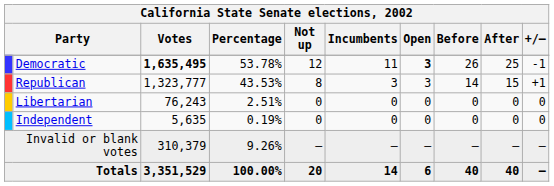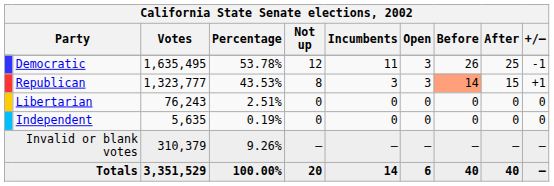 <table class="wikitable" style="font-size:95%;">
 <tr>
 <th colspan="10">California State Senate elections, 2002</th>
 </tr>
 <tr>
 <th colspan=2 style="width: 10em">Party</th>
 <th style="width: 4em">Votes</th>
 <th style="width: 5em">Percentage</th>
 <th style="width: 3em">Not up</th>
 <th style="width: 5em">Incumbents</th>
 <th style="width: 2em">Open</th>
 <th style="width: 3em">Before</th>
 <th style="width: 2em">After</th>
 <th style="width: 1em">+/–</th>
 </tr>
 <tr>
 </tr>
 <tr>
 <th style="background-color:#3333FF; width: 3px"></th>
 <td style="width: 130px"><a href='#'>Democratic</a></td>
-<td align="right"><strong>1,635,495</strong></td>
+<td align="right">1,635,495</td>
 <td align="right">53.78%</td>
 <td align="right">12</td>
 <td align="right">11</td>
-<td align="right"><strong>3</strong></td>
+<td align="right">3</td>
 <td align="right">26</td>
 <td align="right">25</td>
 <td align="right">-1</td>
 </tr>
 <tr>
 <th style="background-color:#FF3333; width: 3px"></th>
 <td style="width: 130px"><a href='#'>Republican</a></td>
 <td align="right">1,323,777</td>
 <td align="right">43.53%</td>
 <td align="right">8</td>
 <td align="right">3</td>
 <td align="right">3</td>
-<td align="right">14</td>
+<td align="right" style="background: lightsalmon;">14</td>
 <td align="right">15</td>
 <td align="right">+1</td>
 </tr>
 <tr>
 <th style="background-color:#FFCC00; width: 3px"></th>
 <td style="width: 130px"><a href='#'>Libertarian</a></td>
 <td align="right">76,243</td>
 <td align="right">2.51%</td>
 <td align="right">0</td>
 <td align="right">0</td>
 <td align="right">0</td>
 <td align="right">0</td>
 <td align="right">0</td>
 <td align="right">0</td>
 </tr>
 <tr>
 <th style="background-color:#00BFFF; width: 3px"></th>
 <td style="width: 130px"><a href='#'>Independent</a></td>
 <td align="right">5,635</td>
 <td align="right">0.19%</td>
 <td align="right">0</td>
 <td align="right">0</td>
 <td align="right">0</td>
 <td align="right">0</td>
 <td align="right">0</td>
 <td align="right">0</td>
 </tr>
 <tr bgcolor="#EEEEEE">
 <td colspan="2" align="right">Invalid or blank votes</td>
 <td align="right">310,379</td>
 <td align="right">9.26%</td>
 <td align="right">—</td>
 <td align="right">—</td>
 <td align="right">—</td>
 <td align="right">—</td>
 <td align="right">—</td>
 <td align="right">—</td>
 </tr>
 <tr bgcolor="#EEEEEE">
 <td colspan="2" align="right"><strong>Totals</strong></td>
 <td align="right"><strong>3,351,529</strong></td>
 <td align="right"><strong>100.00%</strong></td>
 <td align="right"><strong>20</strong></td>
 <td align="right"><strong>14</strong></td>
 <td align="right"><strong>6</strong></td>
 <td align="right"><strong>40</strong></td>
 <td align="right"><strong>40</strong></td>
 <td align="right"><strong>—</strong></td>
 </tr>
 </table>
